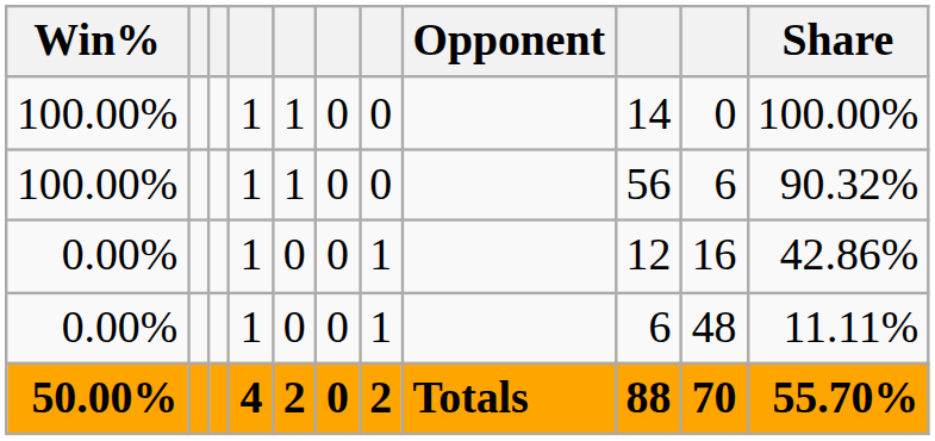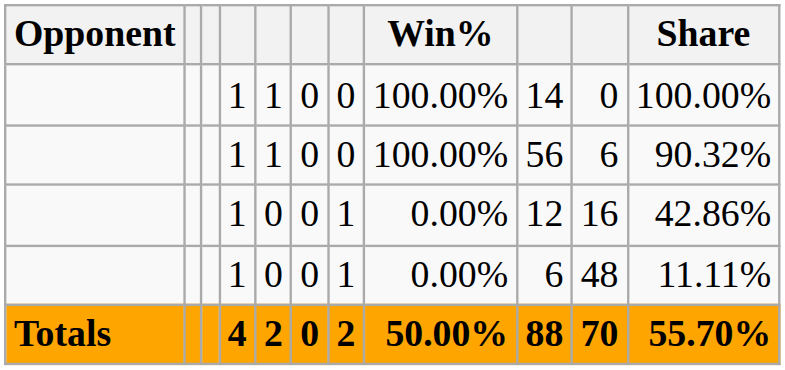 <table class="wikitable sortable" style="text-align:right;">
 <tr>
-<th>Win%</th>
+<th>Opponent</th>
 <th></th>
 <th></th>
 <th></th>
 <th></th>
 <th></th>
 <th></th>
-<th>Opponent</th>
+<th>Win%</th>
 <th></th>
 <th></th>
 <th>Share</th>
 </tr>
 <tr>
-<td>100.00%</td>
+<td align=left></td>
 <td></td>
 <td></td>
 <td>1</td>
 <td>1</td>
 <td>0</td>
 <td>0</td>
-<td align=left></td>
+<td>100.00%</td>
 <td>14</td>
 <td>0</td>
 <td>100.00%</td>
 </tr>
 <tr>
-<td>100.00%</td>
+<td align=left></td>
 <td></td>
 <td></td>
 <td>1</td>
 <td>1</td>
 <td>0</td>
 <td>0</td>
-<td align=left></td>
+<td>100.00%</td>
 <td>56</td>
 <td>6</td>
 <td>90.32%</td>
 </tr>
 <tr>
-<td>0.00%</td>
+<td align=left></td>
 <td></td>
 <td></td>
 <td>1</td>
 <td>0</td>
 <td>0</td>
 <td>1</td>
-<td align=left></td>
+<td>0.00%</td>
 <td>12</td>
 <td>16</td>
 <td>42.86%</td>
 </tr>
 <tr>
-<td>0.00%</td>
+<td align=left></td>
 <td></td>
 <td></td>
 <td>1</td>
 <td>0</td>
 <td>0</td>
 <td>1</td>
-<td align=left></td>
+<td>0.00%</td>
 <td>6</td>
 <td>48</td>
 <td>11.11%</td>
 </tr>
 <tr style="background: orange; color:black;">
-<td><strong>50.00%</strong></td>
+<td align=left><strong>Totals</strong></td>
 <td><strong></strong></td>
 <td><strong></strong></td>
 <td><strong>4</strong></td>
 <td><strong>2</strong></td>
 <td><strong>0</strong></td>
 <td><strong>2</strong></td>
-<td align=left><strong>Totals</strong></td>
+<td><strong>50.00%</strong></td>
 <td><strong>88</strong></td>
 <td><strong>70</strong></td>
 <td><strong>55.70%</strong></td>
 </tr>
 </table>
